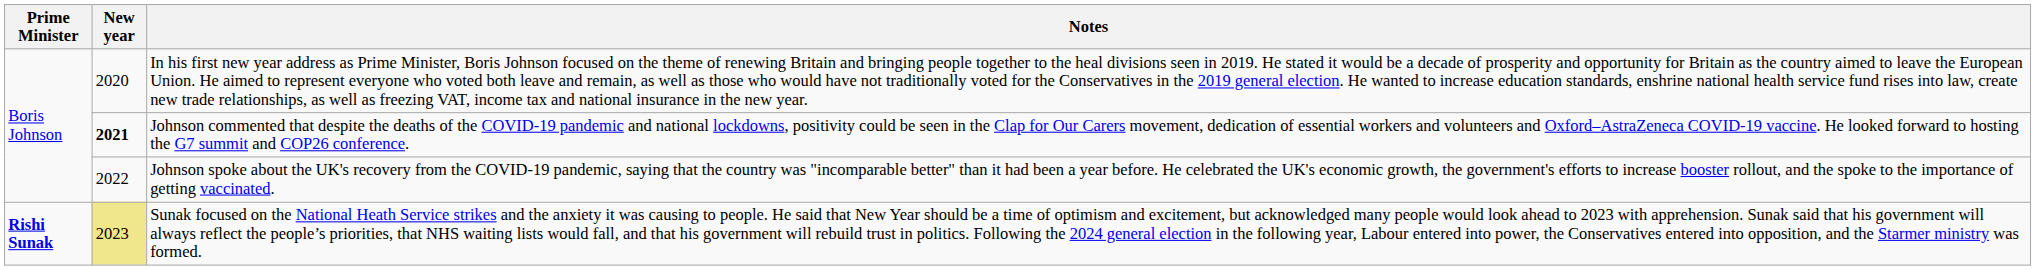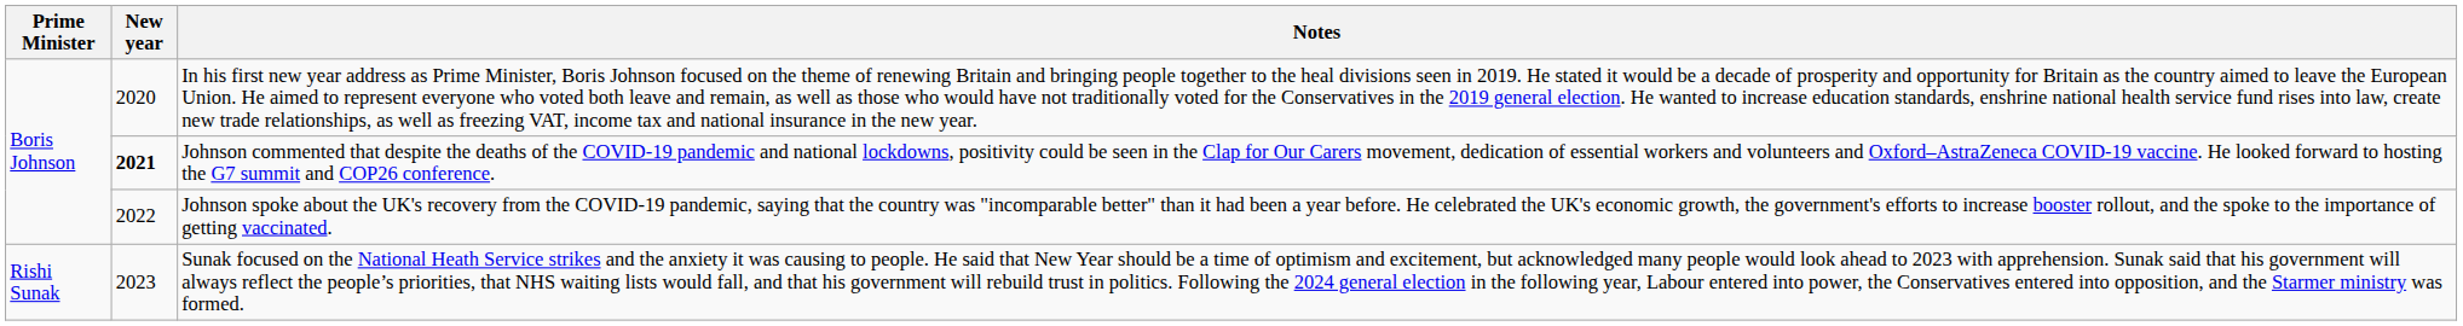 <table class=wikitable>
 <tr>
 <th>Prime Minister</th>
 <th>New year</th>
 <th>Notes</th>
 </tr>
 <tr>
 <td rowspan="3"><a href='#'>Boris Johnson</a></td>
 <td>2020</td>
 <td>In his first new year address as Prime Minister, Boris Johnson focused on the theme of renewing Britain and bringing people together to the heal divisions seen in 2019. He stated it would be a decade of prosperity and opportunity for Britain as the country aimed to leave the European Union. He aimed to represent everyone who voted both leave and remain, as well as those who would have not traditionally voted for the Conservatives in the <a href='#'>2019 general election</a>. He wanted to increase education standards, enshrine national health service fund rises into law, create new trade relationships, as well as freezing VAT, income tax and national insurance in the new year.</td>
 </tr>
 <tr>
 <td><strong>2021</strong></td>
 <td>Johnson commented that despite the deaths of the <a href='#'>COVID-19 pandemic</a> and national <a href='#'>lockdowns</a>, positivity could be seen in the <a href='#'>Clap for Our Carers</a> movement, dedication of essential workers and volunteers and <a href='#'>Oxford–AstraZeneca COVID-19 vaccine</a>. He looked forward to hosting the <a href='#'>G7 summit</a> and <a href='#'>COP26 conference</a>.</td>
 </tr>
 <tr>
 <td>2022</td>
 <td>Johnson spoke about the UK's recovery from the COVID-19 pandemic, saying that the country was "incomparable better" than it had been a year before. He celebrated the UK's economic growth, the government's efforts to increase <a href='#'>booster</a> rollout, and the spoke to the importance of getting <a href='#'>vaccinated</a>.</td>
 </tr>
 <tr>
-<td><strong><a href='#'>Rishi Sunak</a></strong></td>
-<td style="background: khaki;">2023</td>
+<td><a href='#'>Rishi Sunak</a></td>
+<td>2023</td>
 <td>Sunak focused on the <a href='#'>National Heath Service strikes</a> and the anxiety it was causing to people. He said that New Year should be a time of optimism and excitement, but acknowledged many people would look ahead to 2023 with apprehension. Sunak said that his government will always reflect the people’s priorities, that NHS waiting lists would fall, and that his government will rebuild trust in politics. Following the <a href='#'>2024 general election</a> in the following year, Labour entered into power, the Conservatives entered into opposition, and the <a href='#'>Starmer ministry</a> was formed.</td>
 </tr>
 </table>
